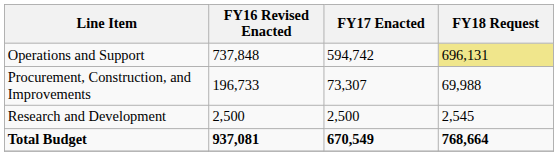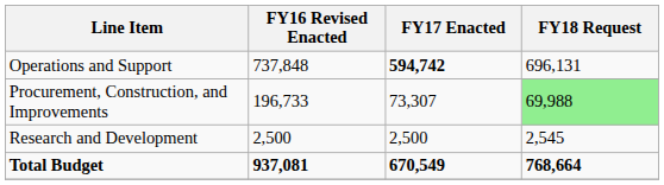 <table class="wikitable">
 <tr>
 <th scope="col" width="220">Line Item</th>
 <th scope="col" width="120">FY16 Revised Enacted </th>
 <th scope="col" width="120">FY17 Enacted </th>
 <th scope="col" width="120">FY18 Request</th>
 </tr>
 <tr>
 <td>Operations and Support</td>
 <td>737,848</td>
-<td>594,742</td>
-<td style="background: khaki;">696,131</td>
+<td><strong>594,742</strong></td>
+<td>696,131</td>
 </tr>
 <tr>
 <td>Procurement, Construction, and Improvements</td>
 <td>196,733</td>
 <td>73,307</td>
-<td>69,988</td>
+<td style="background: lightgreen;">69,988</td>
 </tr>
 <tr>
 <td>Research and Development</td>
 <td>2,500</td>
 <td>2,500</td>
 <td>2,545</td>
 </tr>
 <tr>
 <td><strong>Total Budget</strong></td>
 <td><strong>937,081</strong></td>
 <td><strong>670,549</strong></td>
 <td><strong>768,664</strong></td>
 </tr>
 <tr>
 </tr>
 </table>
